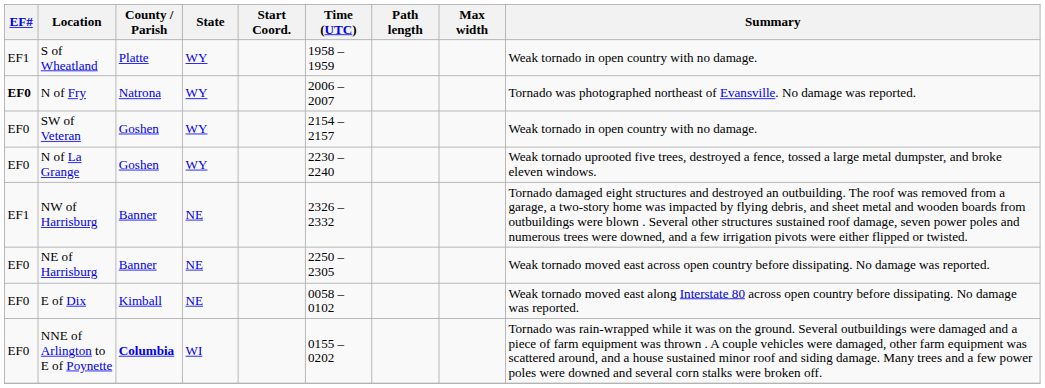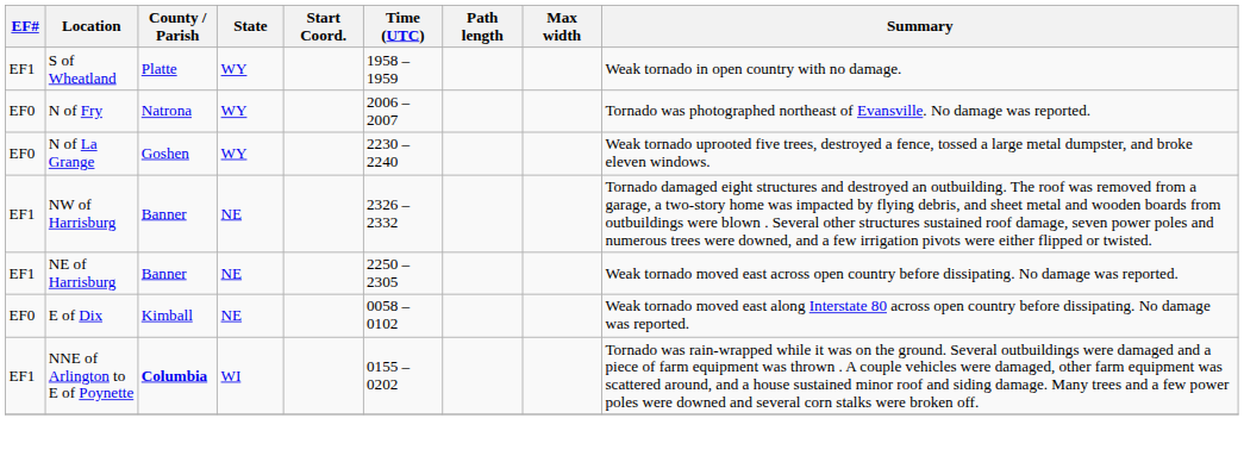 <table class="wikitable sortable" style="width:100%;">
 <tr>
 <th scope="col" width="3%" align="center"><a href='#'>EF#</a></th>
 <th scope="col" width="7%" align="center" class="unsortable">Location</th>
 <th scope="col" width="6%" align="center" class="unsortable">County / Parish</th>
 <th scope="col" width="5%" align="center">State</th>
 <th scope="col" width="6%" align="center">Start Coord.</th>
 <th scope="col" width="6%" align="center">Time (<a href='#'>UTC</a>)</th>
 <th scope="col" width="6%" align="center">Path length</th>
 <th scope="col" width="6%" align="center">Max width</th>
 <th scope="col" width="48%" class="unsortable" align="center">Summary</th>
 </tr>
 <tr>
 <td>EF1</td>
 <td>S of <a href='#'>Wheatland</a></td>
 <td><a href='#'>Platte</a></td>
 <td><a href='#'>WY</a></td>
 <td></td>
 <td>1958 – 1959</td>
 <td></td>
 <td></td>
 <td>Weak tornado in open country with no damage.</td>
 </tr>
 <tr>
-<td><strong>EF0</strong></td>
+<td>EF0</td>
 <td>N of <a href='#'>Fry</a></td>
 <td><a href='#'>Natrona</a></td>
 <td><a href='#'>WY</a></td>
 <td></td>
 <td>2006 – 2007</td>
 <td></td>
 <td></td>
 <td>Tornado was photographed northeast of <a href='#'>Evansville</a>. No damage was reported.</td>
-</tr>
-<tr>
-<td>EF0</td>
-<td>SW of <a href='#'>Veteran</a></td>
-<td><a href='#'>Goshen</a></td>
-<td><a href='#'>WY</a></td>
-<td></td>
-<td>2154 – 2157</td>
-<td></td>
-<td></td>
-<td>Weak tornado in open country with no damage.</td>
 </tr>
 <tr>
 <td>EF0</td>
 <td>N of <a href='#'>La Grange</a></td>
 <td><a href='#'>Goshen</a></td>
 <td><a href='#'>WY</a></td>
 <td></td>
 <td>2230 – 2240</td>
 <td></td>
 <td></td>
 <td>Weak tornado uprooted five trees, destroyed a fence, tossed a large metal dumpster, and broke eleven windows.</td>
 </tr>
 <tr>
 <td>EF1</td>
 <td>NW of <a href='#'>Harrisburg</a></td>
 <td><a href='#'>Banner</a></td>
 <td><a href='#'>NE</a></td>
 <td></td>
 <td>2326 – 2332</td>
 <td></td>
 <td></td>
 <td>Tornado damaged eight structures and destroyed an outbuilding. The roof was removed from a garage, a two-story home was impacted by flying debris, and sheet metal and wooden boards from outbuildings were blown . Several other structures sustained roof damage, seven power poles and numerous trees were downed, and a few irrigation pivots were either flipped or twisted.</td>
 </tr>
 <tr>
-<td>EF0</td>
+<td>EF1</td>
 <td>NE of <a href='#'>Harrisburg</a></td>
 <td><a href='#'>Banner</a></td>
 <td><a href='#'>NE</a></td>
 <td></td>
 <td>2250 – 2305</td>
 <td></td>
 <td></td>
 <td>Weak tornado moved east across open country before dissipating. No damage was reported.</td>
 </tr>
 <tr>
 <td>EF0</td>
 <td>E of <a href='#'>Dix</a></td>
 <td><a href='#'>Kimball</a></td>
 <td><a href='#'>NE</a></td>
 <td></td>
 <td>0058 – 0102</td>
 <td></td>
 <td></td>
 <td>Weak tornado moved east along <a href='#'>Interstate 80</a> across open country before dissipating. No damage was reported.</td>
 </tr>
 <tr>
-<td>EF0</td>
+<td>EF1</td>
 <td>NNE of <a href='#'>Arlington</a> to E of <a href='#'>Poynette</a></td>
 <td><strong><a href='#'>Columbia</a></strong></td>
 <td><a href='#'>WI</a></td>
 <td></td>
 <td>0155 – 0202</td>
 <td></td>
 <td></td>
 <td>Tornado was rain-wrapped while it was on the ground. Several outbuildings were damaged and a  piece of farm equipment was thrown . A couple vehicles were damaged, other farm equipment was scattered around, and a house sustained minor roof and siding damage. Many trees and a few power poles were downed and several corn stalks were broken off.</td>
 </tr>
 <tr>
 </tr>
 </table>
